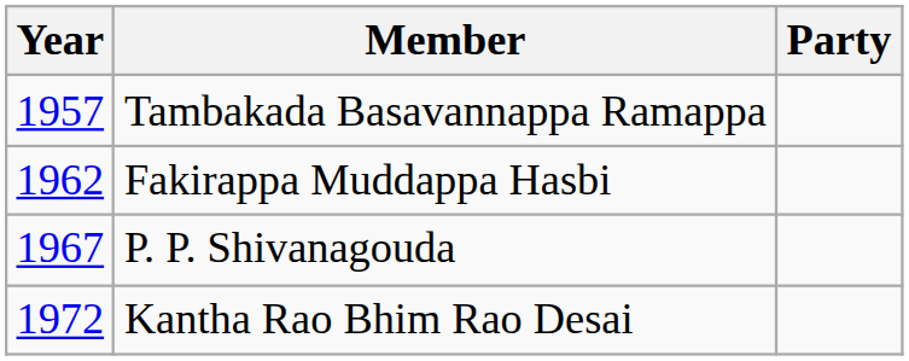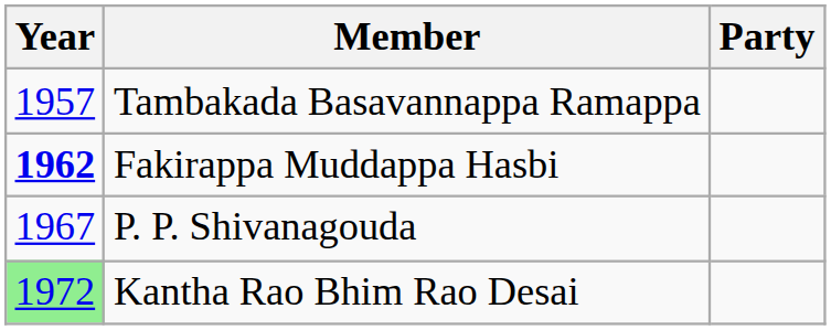 <table class="wikitable sortable">
 <tr>
 <th>Year</th>
 <th>Member</th>
 <th colspan="2">Party</th>
 </tr>
 <tr>
 <td><a href='#'>1957</a></td>
 <td>Tambakada Basavannappa Ramappa</td>
 <td></td>
 </tr>
 <tr>
-<td><a href='#'>1962</a></td>
+<td><strong><a href='#'>1962</a></strong></td>
 <td>Fakirappa Muddappa Hasbi</td>
 </tr>
 <tr>
 <td><a href='#'>1967</a></td>
 <td>P. P. Shivanagouda</td>
 <td></td>
 </tr>
 <tr>
-<td><a href='#'>1972</a></td>
+<td style="background: lightgreen;"><a href='#'>1972</a></td>
 <td>Kantha Rao Bhim Rao Desai</td>
 <td></td>
 </tr>
 </table>
